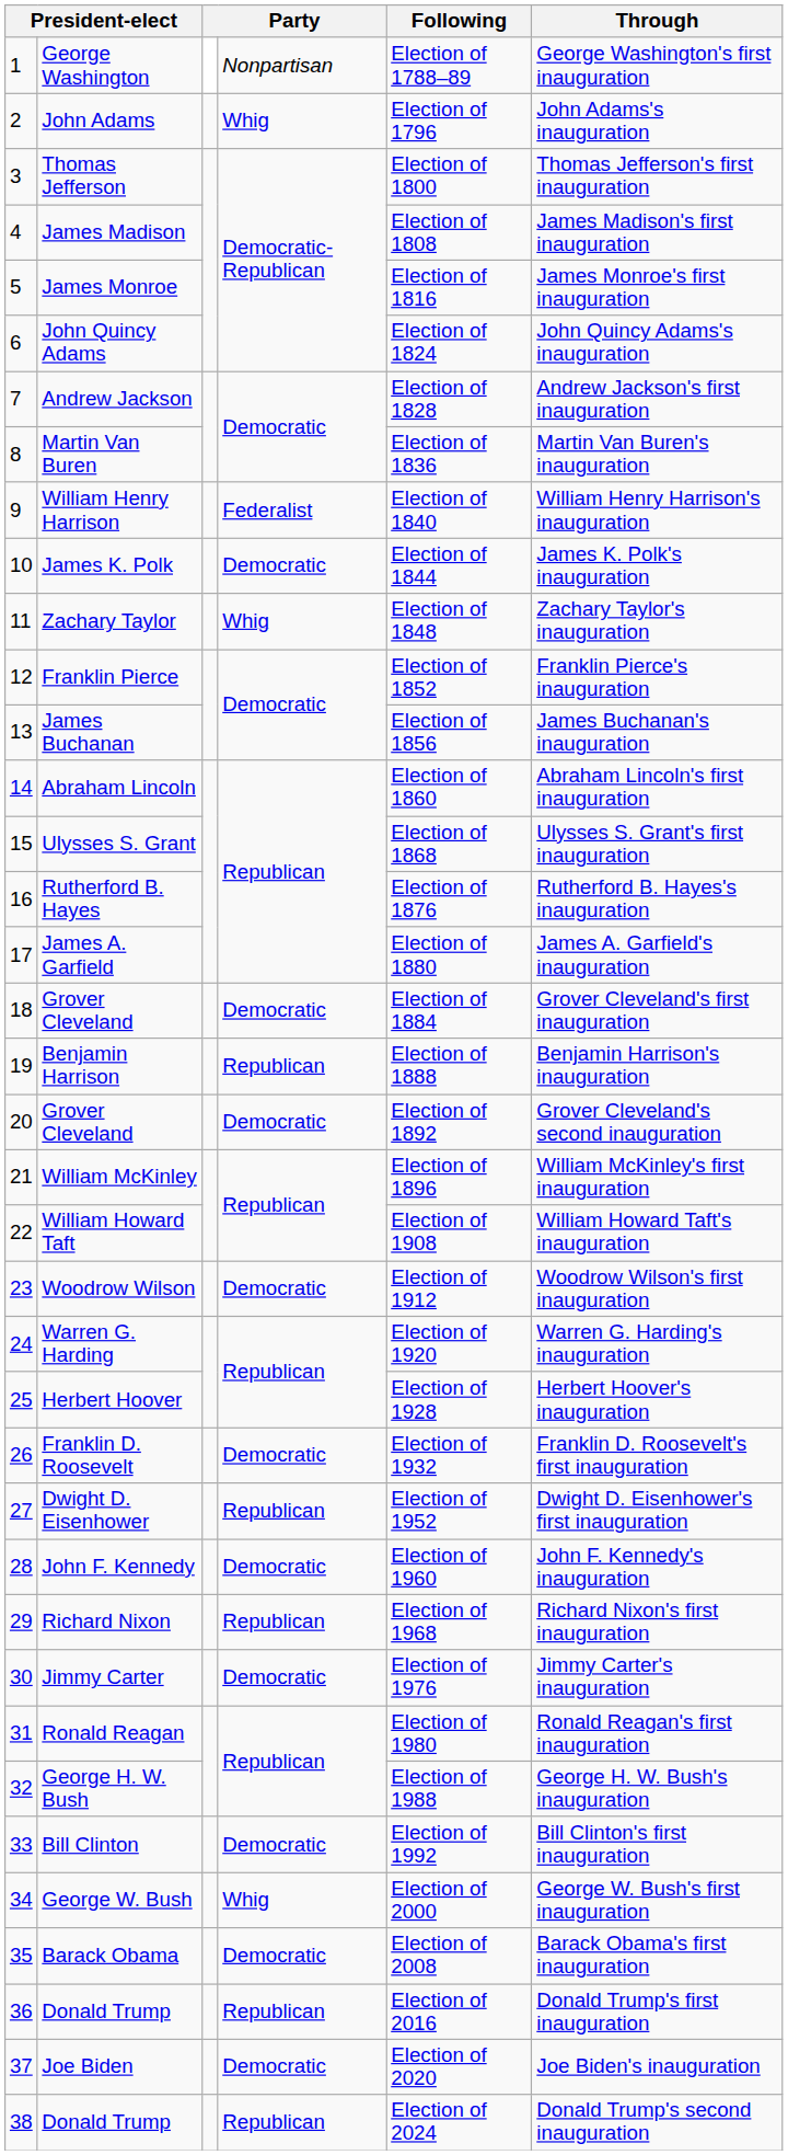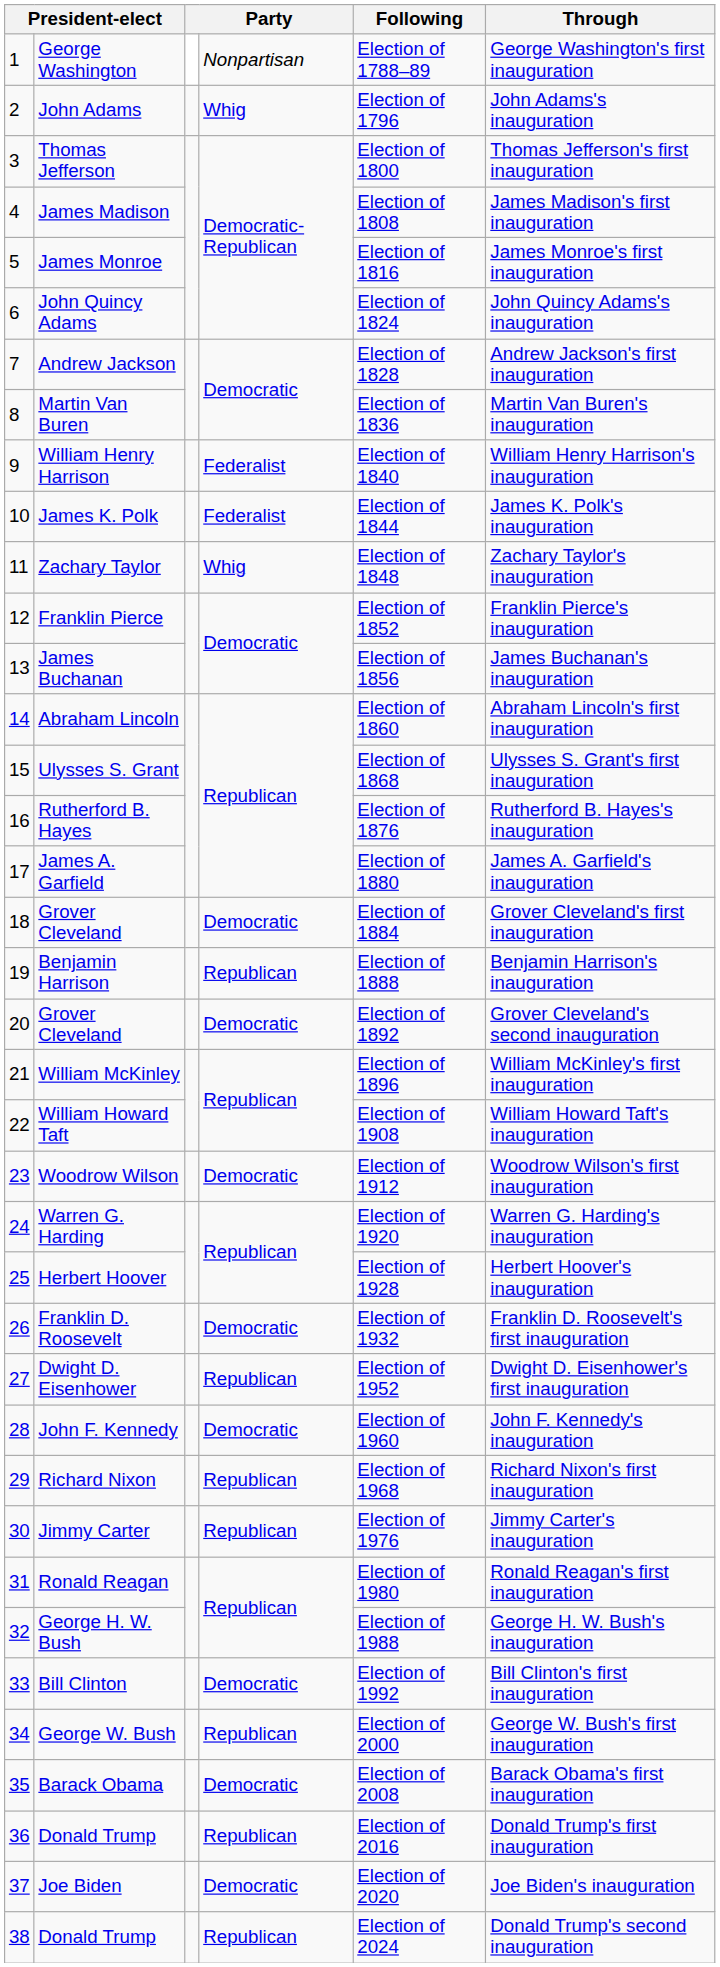 <table class="wikitable">
 <tr>
 <th colspan=2>President-elect</th>
 <th colspan=2>Party</th>
 <th>Following</th>
 <th>Through</th>
 </tr>
 <tr>
 <td>1</td>
 <td><a href='#'>George Washington</a></td>
 <td style="background:#FFF;"> </td>
 <td><em>Nonpartisan</em></td>
 <td><a href='#'>Election of 1788–89</a></td>
 <td><a href='#'>George Washington's first inauguration</a></td>
 </tr>
 <tr>
 <td>2</td>
 <td><a href='#'>John Adams</a></td>
 <td style="background-color:"> </td>
 <td><a href='#'>Whig</a></td>
 <td><a href='#'>Election of 1796</a></td>
 <td><a href='#'>John Adams's inauguration</a></td>
 </tr>
 <tr>
 <td>3</td>
 <td><a href='#'>Thomas Jefferson</a></td>
 <td rowspan="4" style="background-color:"> </td>
 <td rowspan="4"><a href='#'>Democratic-Republican</a></td>
 <td><a href='#'>Election of 1800</a></td>
 <td><a href='#'>Thomas Jefferson's first inauguration</a></td>
 </tr>
 <tr>
 <td>4</td>
 <td><a href='#'>James Madison</a></td>
 <td><a href='#'>Election of 1808</a></td>
 <td><a href='#'>James Madison's first inauguration</a></td>
 </tr>
 <tr>
 <td>5</td>
 <td><a href='#'>James Monroe</a></td>
 <td><a href='#'>Election of 1816</a></td>
 <td><a href='#'>James Monroe's first inauguration</a></td>
 </tr>
 <tr>
 <td>6</td>
 <td><a href='#'>John Quincy Adams</a></td>
 <td><a href='#'>Election of 1824</a></td>
 <td><a href='#'>John Quincy Adams's inauguration</a></td>
 </tr>
 <tr>
 <td>7</td>
 <td><a href='#'>Andrew Jackson</a></td>
 <td rowspan="2" style="background-color:"> </td>
 <td rowspan="2"><a href='#'>Democratic</a></td>
 <td><a href='#'>Election of 1828</a></td>
 <td><a href='#'>Andrew Jackson's first inauguration</a></td>
 </tr>
 <tr>
 <td>8</td>
 <td><a href='#'>Martin Van Buren</a></td>
 <td><a href='#'>Election of 1836</a></td>
 <td><a href='#'>Martin Van Buren's inauguration</a></td>
 </tr>
 <tr>
 <td>9</td>
 <td><a href='#'>William Henry Harrison</a></td>
 <td style="background-color:"> </td>
 <td><a href='#'>Federalist</a></td>
 <td><a href='#'>Election of 1840</a></td>
 <td><a href='#'>William Henry Harrison's inauguration</a></td>
 </tr>
 <tr>
 <td>10</td>
 <td><a href='#'>James K. Polk</a></td>
 <td style="background-color:"> </td>
-<td><a href='#'>Democratic</a></td>
+<td><a href='#'>Federalist</a></td>
 <td><a href='#'>Election of 1844</a></td>
 <td><a href='#'>James K. Polk's inauguration</a></td>
 </tr>
 <tr>
 <td>11</td>
 <td><a href='#'>Zachary Taylor</a></td>
 <td style="background-color:"> </td>
 <td><a href='#'>Whig</a></td>
 <td><a href='#'>Election of 1848</a></td>
 <td><a href='#'>Zachary Taylor's inauguration</a></td>
 </tr>
 <tr>
 <td>12</td>
 <td><a href='#'>Franklin Pierce</a></td>
 <td rowspan="2" style="background-color:"> </td>
 <td rowspan="2"><a href='#'>Democratic</a></td>
 <td><a href='#'>Election of 1852</a></td>
 <td><a href='#'>Franklin Pierce's inauguration</a></td>
 </tr>
 <tr>
 <td>13</td>
 <td><a href='#'>James Buchanan</a></td>
 <td><a href='#'>Election of 1856</a></td>
 <td><a href='#'>James Buchanan's inauguration</a></td>
 </tr>
 <tr>
 <td><a href='#'>14</a></td>
 <td><a href='#'>Abraham Lincoln</a></td>
 <td rowspan="4" style="background-color:"> </td>
 <td rowspan="4"><a href='#'>Republican</a></td>
 <td><a href='#'>Election of 1860</a></td>
 <td><a href='#'>Abraham Lincoln's first inauguration</a></td>
 </tr>
 <tr>
 <td>15</td>
 <td><a href='#'>Ulysses S. Grant</a></td>
 <td><a href='#'>Election of 1868</a></td>
 <td><a href='#'>Ulysses S. Grant's first inauguration</a></td>
 </tr>
 <tr>
 <td>16</td>
 <td><a href='#'>Rutherford B. Hayes</a></td>
 <td><a href='#'>Election of 1876</a></td>
 <td><a href='#'>Rutherford B. Hayes's inauguration</a></td>
 </tr>
 <tr>
 <td>17</td>
 <td><a href='#'>James A. Garfield</a></td>
 <td><a href='#'>Election of 1880</a></td>
 <td><a href='#'>James A. Garfield's inauguration</a></td>
 </tr>
 <tr>
 <td>18</td>
 <td><a href='#'>Grover Cleveland</a></td>
 <td style="background-color:"> </td>
 <td><a href='#'>Democratic</a></td>
 <td><a href='#'>Election of 1884</a></td>
 <td><a href='#'>Grover Cleveland's first inauguration</a></td>
 </tr>
 <tr>
 <td>19</td>
 <td><a href='#'>Benjamin Harrison</a></td>
 <td style="background-color:"> </td>
 <td><a href='#'>Republican</a></td>
 <td><a href='#'>Election of 1888</a></td>
 <td><a href='#'>Benjamin Harrison's inauguration</a></td>
 </tr>
 <tr>
 <td>20</td>
 <td><a href='#'>Grover Cleveland</a></td>
 <td style="background-color:"> </td>
 <td><a href='#'>Democratic</a></td>
 <td><a href='#'>Election of 1892</a></td>
 <td><a href='#'>Grover Cleveland's second inauguration</a></td>
 </tr>
 <tr>
 <td>21</td>
 <td><a href='#'>William McKinley</a></td>
 <td rowspan="2" style="background-color:"> </td>
 <td rowspan="2"><a href='#'>Republican</a></td>
 <td><a href='#'>Election of 1896</a></td>
 <td><a href='#'>William McKinley's first inauguration</a></td>
 </tr>
 <tr>
 <td>22</td>
 <td><a href='#'>William Howard Taft</a></td>
 <td><a href='#'>Election of 1908</a></td>
 <td><a href='#'>William Howard Taft's inauguration</a></td>
 </tr>
 <tr>
 <td><a href='#'>23</a></td>
 <td><a href='#'>Woodrow Wilson</a></td>
 <td style="background-color:"> </td>
 <td><a href='#'>Democratic</a></td>
 <td><a href='#'>Election of 1912</a></td>
 <td><a href='#'>Woodrow Wilson's first inauguration</a></td>
 </tr>
 <tr>
 <td><a href='#'>24</a></td>
 <td><a href='#'>Warren G. Harding</a></td>
 <td rowspan="2" style="background-color:"> </td>
 <td rowspan="2"><a href='#'>Republican</a></td>
 <td><a href='#'>Election of 1920</a></td>
 <td><a href='#'>Warren G. Harding's inauguration</a></td>
 </tr>
 <tr>
 <td><a href='#'>25</a></td>
 <td><a href='#'>Herbert Hoover</a></td>
 <td><a href='#'>Election of 1928</a></td>
 <td><a href='#'>Herbert Hoover's inauguration</a></td>
 </tr>
 <tr>
 <td><a href='#'>26</a></td>
 <td><a href='#'>Franklin D. Roosevelt</a></td>
 <td style="background-color:"> </td>
 <td><a href='#'>Democratic</a></td>
 <td><a href='#'>Election of 1932</a></td>
 <td><a href='#'>Franklin D. Roosevelt's first inauguration</a></td>
 </tr>
 <tr>
 <td><a href='#'>27</a></td>
 <td><a href='#'>Dwight D. Eisenhower</a></td>
 <td style="background-color:"> </td>
 <td><a href='#'>Republican</a></td>
 <td><a href='#'>Election of 1952</a></td>
 <td><a href='#'>Dwight D. Eisenhower's first inauguration</a></td>
 </tr>
 <tr>
 <td><a href='#'>28</a></td>
 <td><a href='#'>John F. Kennedy</a></td>
 <td style="background-color:"> </td>
 <td><a href='#'>Democratic</a></td>
 <td><a href='#'>Election of 1960</a></td>
 <td><a href='#'>John F. Kennedy's inauguration</a></td>
 </tr>
 <tr>
 <td><a href='#'>29</a></td>
 <td><a href='#'>Richard Nixon</a></td>
 <td style="background-color:"> </td>
 <td><a href='#'>Republican</a></td>
 <td><a href='#'>Election of 1968</a></td>
 <td><a href='#'>Richard Nixon's first inauguration</a></td>
 </tr>
 <tr>
 <td><a href='#'>30</a></td>
 <td><a href='#'>Jimmy Carter</a></td>
 <td style="background-color:"> </td>
-<td><a href='#'>Democratic</a></td>
+<td><a href='#'>Republican</a></td>
 <td><a href='#'>Election of 1976</a></td>
 <td><a href='#'>Jimmy Carter's inauguration</a></td>
 </tr>
 <tr>
 <td><a href='#'>31</a></td>
 <td><a href='#'>Ronald Reagan</a></td>
 <td rowspan="2" style="background-color:"> </td>
 <td rowspan="2"><a href='#'>Republican</a></td>
 <td><a href='#'>Election of 1980</a></td>
 <td><a href='#'>Ronald Reagan's first inauguration</a></td>
 </tr>
 <tr>
 <td><a href='#'>32</a></td>
 <td><a href='#'>George H. W. Bush</a></td>
 <td><a href='#'>Election of 1988</a></td>
 <td><a href='#'>George H. W. Bush's inauguration</a></td>
 </tr>
 <tr>
 <td><a href='#'>33</a></td>
 <td><a href='#'>Bill Clinton</a></td>
 <td style="background-color:"> </td>
 <td><a href='#'>Democratic</a></td>
 <td><a href='#'>Election of 1992</a></td>
 <td><a href='#'>Bill Clinton's first inauguration</a></td>
 </tr>
 <tr>
 <td><a href='#'>34</a></td>
 <td><a href='#'>George W. Bush</a></td>
 <td style="background-color:"> </td>
-<td><a href='#'>Whig</a></td>
+<td><a href='#'>Republican</a></td>
 <td><a href='#'>Election of 2000</a></td>
 <td><a href='#'>George W. Bush's first inauguration</a></td>
 </tr>
 <tr>
 <td><a href='#'>35</a></td>
 <td><a href='#'>Barack Obama</a></td>
 <td style="background-color:"> </td>
 <td><a href='#'>Democratic</a></td>
 <td><a href='#'>Election of 2008</a></td>
 <td><a href='#'>Barack Obama's first inauguration</a></td>
 </tr>
 <tr>
 <td><a href='#'>36</a></td>
 <td><a href='#'>Donald Trump</a></td>
 <td style="background-color:"> </td>
 <td><a href='#'>Republican</a></td>
 <td><a href='#'>Election of 2016</a></td>
 <td><a href='#'>Donald Trump's first inauguration</a></td>
 </tr>
 <tr>
 <td><a href='#'>37</a></td>
 <td><a href='#'>Joe Biden</a></td>
 <td style="background-color:"> </td>
 <td><a href='#'>Democratic</a></td>
 <td><a href='#'>Election of 2020</a></td>
 <td><a href='#'>Joe Biden's inauguration</a></td>
 </tr>
 <tr>
 <td><a href='#'>38</a></td>
 <td><a href='#'>Donald Trump</a></td>
 <td style="background-color:"> </td>
 <td><a href='#'>Republican</a></td>
 <td><a href='#'>Election of 2024</a></td>
 <td><a href='#'>Donald Trump's second inauguration</a></td>
 </tr>
 </table>
